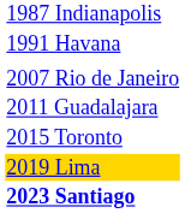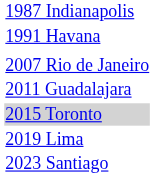 <table>
 <tr>
 <td><a href='#'>1987 Indianapolis</a></td>
 <td></td>
 <td></td>
 <td></td>
 </tr>
 <tr>
 <td><a href='#'>1991 Havana</a></td>
 <td></td>
 <td></td>
 <td></td>
 </tr>
 <tr>
 <td></td>
 <td></td>
 <td></td>
 <td></td>
 </tr>
 <tr>
 <td><a href='#'>2007 Rio de Janeiro</a></td>
 <td></td>
 <td></td>
 <td></td>
 </tr>
 <tr>
 <td><a href='#'>2011 Guadalajara</a></td>
 <td></td>
 <td></td>
 <td></td>
 </tr>
 <tr>
-<td><a href='#'>2015 Toronto</a></td>
+<td style="background: lightgrey;"><a href='#'>2015 Toronto</a></td>
 <td></td>
 <td></td>
 <td></td>
 </tr>
 <tr>
-<td style="background: gold;"><a href='#'>2019 Lima</a></td>
+<td><a href='#'>2019 Lima</a></td>
 <td></td>
 <td></td>
 <td></td>
 </tr>
 <tr>
-<td><strong><a href='#'>2023 Santiago</a></strong></td>
+<td><a href='#'>2023 Santiago</a></td>
 <td></td>
 <td></td>
 <td></td>
 </tr>
 </table>
